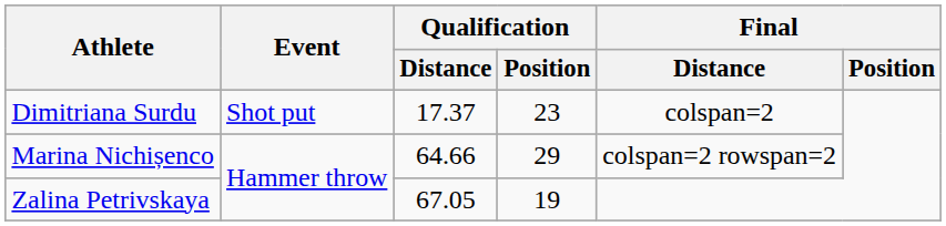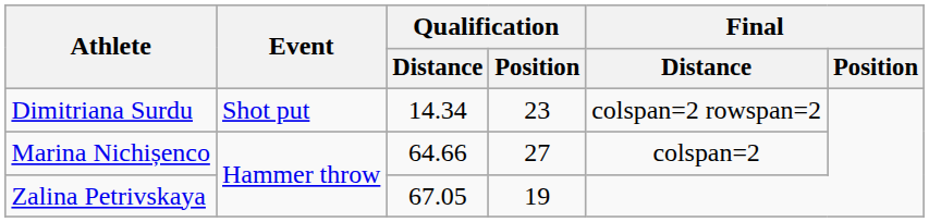 <table class=wikitable style="font-size:90%">
 <tr>
 <th rowspan="2">Athlete</th>
 <th rowspan="2">Event</th>
 <th colspan="2">Qualification</th>
 <th colspan="2">Final</th>
 </tr>
 <tr style="font-size:95%">
 <th>Distance</th>
 <th>Position</th>
 <th>Distance</th>
 <th>Position</th>
 </tr>
 <tr style=text-align:center>
 <td style=text-align:left><a href='#'>Dimitriana Surdu</a></td>
 <td style=text-align:left><a href='#'>Shot put</a></td>
-<td>17.37</td>
+<td>14.34</td>
 <td>23</td>
-<td>colspan=2 </td>
+<td>colspan=2 rowspan=2 </td>
 </tr>
 <tr style=text-align:center>
 <td style=text-align:left><a href='#'>Marina Nichișenco</a></td>
 <td style=text-align:left  rowspan=2><a href='#'>Hammer throw</a></td>
 <td>64.66</td>
-<td>29</td>
-<td>colspan=2 rowspan=2 </td>
+<td>27</td>
+<td>colspan=2 </td>
 </tr>
 <tr style=text-align:center>
 <td style=text-align:left><a href='#'>Zalina Petrivskaya</a></td>
 <td>67.05</td>
 <td>19</td>
 </tr>
 </table>
